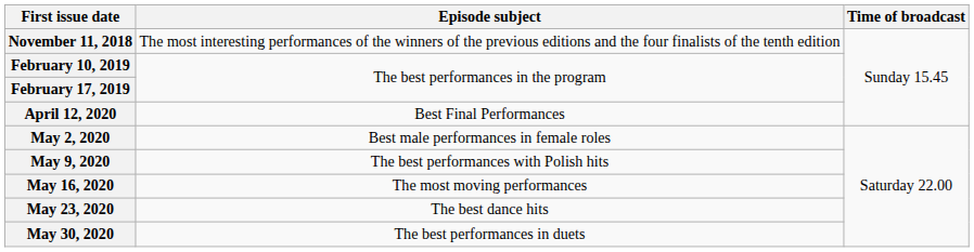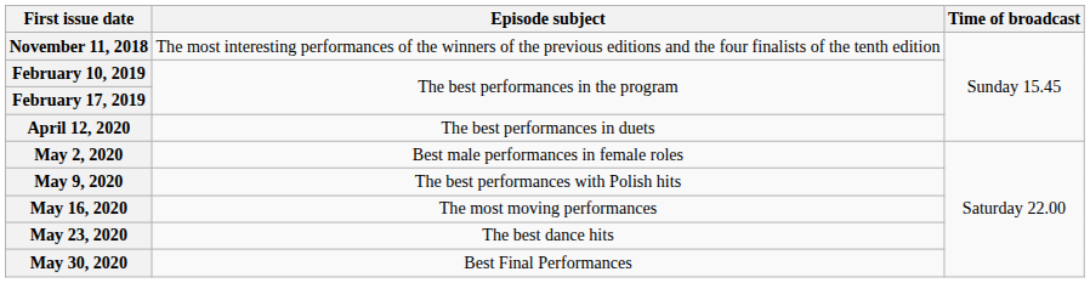 <table class="wikitable" style="text-align:center;">
 <tr>
 <th>First issue date</th>
 <th>Episode subject</th>
 <th>Time of broadcast</th>
 </tr>
 <tr>
 <th>November 11, 2018</th>
 <td>The most interesting performances of the winners of the previous editions and the four finalists of the tenth edition</td>
 <td rowspan="4">Sunday 15.45</td>
 </tr>
 <tr>
 <th>February 10, 2019</th>
 <td rowspan=2>The best performances in the program</td>
 </tr>
 <tr>
 <th>February 17, 2019</th>
 </tr>
 <tr>
 <th>April 12, 2020</th>
-<td>Best Final Performances</td>
+<td>The best performances in duets</td>
 </tr>
 <tr>
 <th>May 2, 2020</th>
 <td>Best male performances in female roles</td>
 <td rowspan="5">Saturday 22.00</td>
 </tr>
 <tr>
 <th>May 9, 2020</th>
 <td>The best performances with Polish hits</td>
 </tr>
 <tr>
 <th>May 16, 2020</th>
 <td>The most moving performances</td>
 </tr>
 <tr>
 <th>May 23, 2020</th>
 <td>The best dance hits</td>
 </tr>
 <tr>
 <th>May 30, 2020</th>
-<td>The best performances in duets</td>
+<td>Best Final Performances</td>
 </tr>
 </table>
